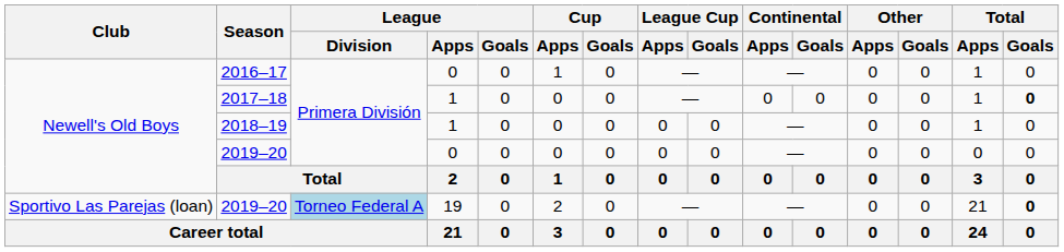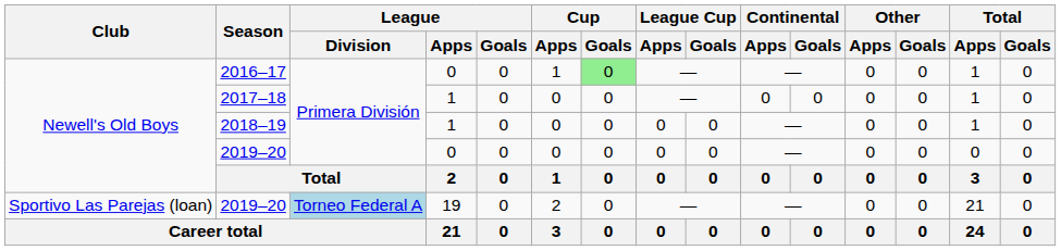 <table class="wikitable" style="text-align:center">
 <tr>
 <th rowspan="2">Club</th>
 <th rowspan="2">Season</th>
 <th colspan="3">League</th>
 <th colspan="2">Cup</th>
 <th colspan="2">League Cup</th>
 <th colspan="2">Continental</th>
 <th colspan="2">Other</th>
 <th colspan="2">Total</th>
 </tr>
 <tr>
 <th>Division</th>
 <th>Apps</th>
 <th>Goals</th>
 <th>Apps</th>
 <th>Goals</th>
 <th>Apps</th>
 <th>Goals</th>
 <th>Apps</th>
 <th>Goals</th>
 <th>Apps</th>
 <th>Goals</th>
 <th>Apps</th>
 <th>Goals</th>
 </tr>
 <tr>
 <td rowspan="5"><a href='#'>Newell's Old Boys</a></td>
 <td><a href='#'>2016–17</a></td>
 <td rowspan="4"><a href='#'>Primera División</a></td>
 <td>0</td>
 <td>0</td>
 <td>1</td>
-<td>0</td>
+<td style="background: lightgreen;">0</td>
 <td colspan="2">—</td>
 <td colspan="2">—</td>
 <td>0</td>
 <td>0</td>
 <td>1</td>
 <td>0</td>
 </tr>
 <tr>
 <td><a href='#'>2017–18</a></td>
 <td>1</td>
 <td>0</td>
 <td>0</td>
 <td>0</td>
 <td colspan="2">—</td>
 <td>0</td>
 <td>0</td>
 <td>0</td>
 <td>0</td>
 <td>1</td>
-<td><strong>0</strong></td>
+<td>0</td>
 </tr>
 <tr>
 <td><a href='#'>2018–19</a></td>
 <td>1</td>
 <td>0</td>
 <td>0</td>
 <td>0</td>
 <td>0</td>
 <td>0</td>
 <td colspan="2">—</td>
 <td>0</td>
 <td>0</td>
 <td>1</td>
 <td>0</td>
 </tr>
 <tr>
 <td><a href='#'>2019–20</a></td>
 <td>0</td>
 <td>0</td>
 <td>0</td>
 <td>0</td>
 <td>0</td>
 <td>0</td>
 <td colspan="2">—</td>
 <td>0</td>
 <td>0</td>
 <td>0</td>
 <td>0</td>
 </tr>
 <tr>
 <th colspan="2">Total</th>
 <th>2</th>
 <th>0</th>
 <th>1</th>
 <th>0</th>
 <th>0</th>
 <th>0</th>
 <th>0</th>
 <th>0</th>
 <th>0</th>
 <th>0</th>
 <th>3</th>
 <th>0</th>
 </tr>
 <tr>
 <td rowspan="1"><a href='#'>Sportivo Las Parejas</a> (loan)</td>
 <td><a href='#'>2019–20</a></td>
 <td rowspan="1" style="background: lightblue;"><a href='#'>Torneo Federal A</a></td>
 <td>19</td>
 <td>0</td>
 <td>2</td>
 <td>0</td>
 <td colspan="2">—</td>
 <td colspan="2">—</td>
 <td>0</td>
 <td>0</td>
 <td>21</td>
-<td><strong>0</strong></td>
+<td>0</td>
 </tr>
 <tr>
 <th colspan="3">Career total</th>
 <th>21</th>
 <th>0</th>
 <th>3</th>
 <th>0</th>
 <th>0</th>
 <th>0</th>
 <th>0</th>
 <th>0</th>
 <th>0</th>
 <th>0</th>
 <th>24</th>
 <th>0</th>
 </tr>
 </table>
